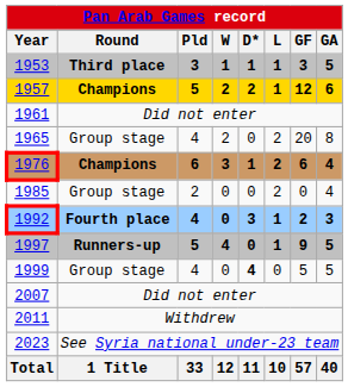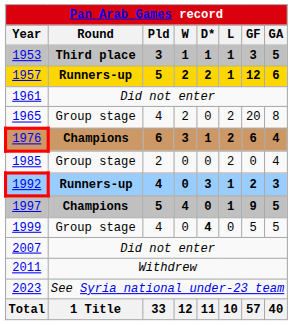 <table class="wikitable" style="text-align: center;font-size:90%;">
 <tr>
 <th colspan=9 style="background: #db000d; color: #FFFFFF;"><a href='#'>Pan Arab Games</a> record</th>
 </tr>
 <tr>
 <th>Year</th>
 <th>Round</th>
 <th>Pld</th>
 <th>W</th>
 <th>D*</th>
 <th>L</th>
 <th>GF</th>
 <th>GA</th>
 </tr>
 <tr bgcolor=silver>
 <td> <a href='#'>1953</a></td>
 <td><strong>Third place</strong></td>
 <td><strong>3</strong></td>
 <td><strong>1</strong></td>
 <td><strong>1</strong></td>
 <td><strong>1</strong></td>
 <td><strong>3</strong></td>
 <td><strong>5</strong></td>
 </tr>
 <tr bgcolor=gold>
 <td> <a href='#'>1957</a></td>
-<td><strong>Champions</strong></td>
+<td><strong>Runners-up</strong></td>
 <td><strong>5</strong></td>
 <td><strong>2</strong></td>
 <td><strong>2</strong></td>
 <td><strong>1</strong></td>
 <td><strong>12</strong></td>
 <td><strong>6</strong></td>
 </tr>
 <tr>
 <td> <a href='#'>1961</a></td>
 <td colspan=7><em>Did not enter</em></td>
 </tr>
 <tr>
 <td> <a href='#'>1965</a></td>
 <td>Group stage</td>
 <td>4</td>
 <td>2</td>
 <td>0</td>
 <td>2</td>
 <td>20</td>
 <td>8</td>
 </tr>
 <tr style="background:#c96;">
 <td style="border: 3px solid red"> <a href='#'>1976</a></td>
 <td><strong>Champions</strong></td>
 <td><strong>6</strong></td>
 <td><strong>3</strong></td>
 <td><strong>1</strong></td>
 <td><strong>2</strong></td>
 <td><strong>6</strong></td>
 <td><strong>4</strong></td>
 </tr>
 <tr>
 <td> <a href='#'>1985</a></td>
 <td>Group stage</td>
 <td>2</td>
 <td>0</td>
 <td>0</td>
 <td>2</td>
 <td>0</td>
 <td>4</td>
 </tr>
 <tr style="background:#9acdff;">
 <td style="border: 3px solid red"> <a href='#'>1992</a></td>
-<td><strong>Fourth place</strong></td>
+<td><strong>Runners-up</strong></td>
 <td><strong>4</strong></td>
 <td><strong>0</strong></td>
 <td><strong>3</strong></td>
 <td><strong>1</strong></td>
 <td><strong>2</strong></td>
 <td><strong>3</strong></td>
 </tr>
 <tr bgcolor=silver>
 <td> <a href='#'>1997</a></td>
-<td><strong>Runners-up</strong></td>
+<td><strong>Champions</strong></td>
 <td><strong>5</strong></td>
 <td><strong>4</strong></td>
 <td><strong>0</strong></td>
 <td><strong>1</strong></td>
 <td><strong>9</strong></td>
 <td><strong>5</strong></td>
 </tr>
 <tr>
 <td> <a href='#'>1999</a></td>
 <td>Group stage</td>
 <td>4</td>
 <td>0</td>
 <td><strong>4</strong></td>
 <td>0</td>
 <td>5</td>
 <td>5</td>
 </tr>
 <tr>
 <td> <a href='#'>2007</a></td>
 <td colspan=7><em>Did not enter</em></td>
 </tr>
 <tr>
 <td> <a href='#'>2011</a></td>
 <td colspan=7><em>Withdrew</em></td>
 </tr>
 <tr>
 <td> <a href='#'>2023</a></td>
 <td colspan=9><em>See <a href='#'>Syria national under-23 team</a></em></td>
 </tr>
 <tr>
 <th><strong>Total</strong></th>
 <th><strong>1 Title</strong></th>
 <th><strong>33</strong></th>
 <th><strong>12</strong></th>
 <th><strong>11</strong></th>
 <th><strong>10</strong></th>
 <th><strong>57</strong></th>
 <th><strong>40</strong></th>
 </tr>
 </table>
